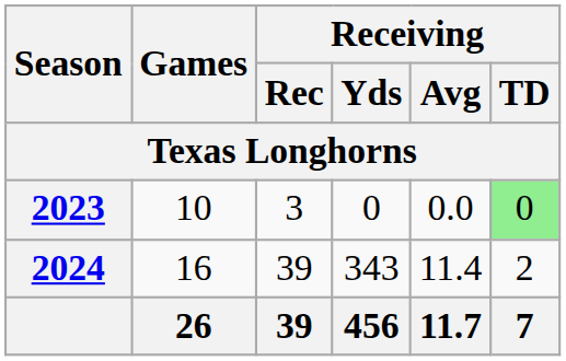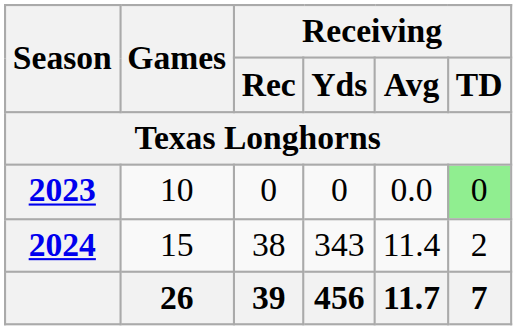 <table class="wikitable" style="text-align:center;">
 <tr>
 <th rowspan="2">Season</th>
 <th rowspan="2">Games</th>
 <th colspan="5">Receiving</th>
 </tr>
 <tr>
 <th>Rec</th>
 <th>Yds</th>
 <th>Avg</th>
 <th>TD</th>
 </tr>
 <tr>
 <th colspan="7">Texas Longhorns</th>
 </tr>
 <tr>
 <th><a href='#'>2023</a></th>
 <td>10</td>
-<td>3</td>
+<td>0</td>
 <td>0</td>
 <td>0.0</td>
 <td style="background: lightgreen;">0</td>
 </tr>
 <tr>
 <th><a href='#'>2024</a></th>
-<td>16</td>
-<td>39</td>
+<td>15</td>
+<td>38</td>
 <td>343</td>
 <td>11.4</td>
 <td>2</td>
 </tr>
 <tr>
 <th></th>
 <th>26</th>
 <th>39</th>
 <th>456</th>
 <th>11.7</th>
 <th>7</th>
 </tr>
 </table>
